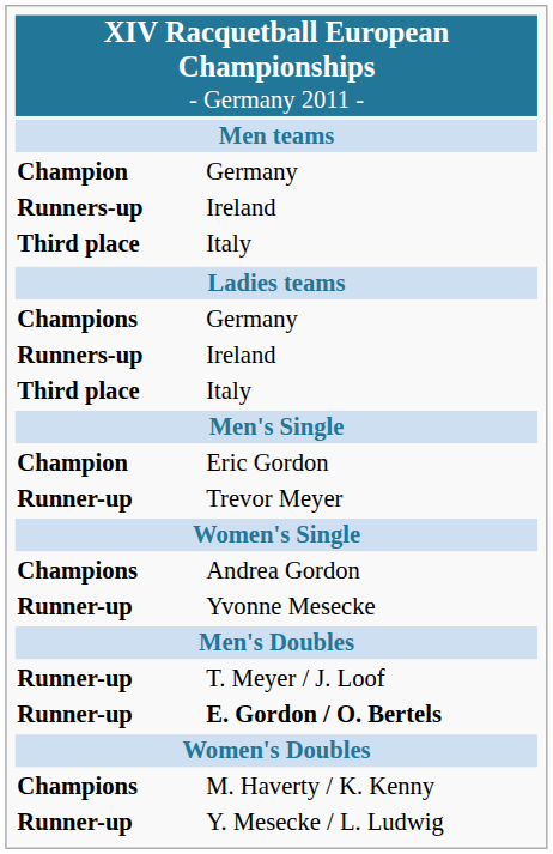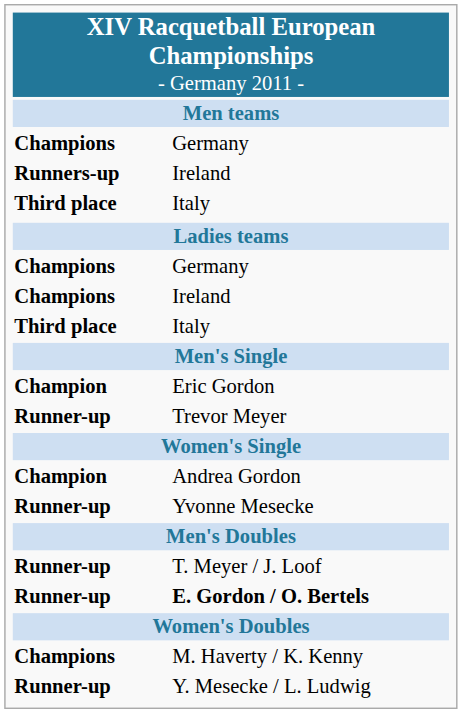 <table class="infobox" style="font-size: 90%; width: 22em;">
 <tr>
 <td colspan="2" style="background: #227799; text-align: center; color:#ffffff;"><big><strong>XIV Racquetball European Championships</strong></big><br>- Germany 2011 -</td>
 </tr>
 <tr style="vertical-align:top;">
 <td colspan="2" style="background: #cedff2; text-align: center; color:#227799;"><strong>Men teams</strong></td>
 </tr>
 <tr style="vertical-align:top;">
-<td><strong>Champion</strong> </td>
+<td><strong>Champions</strong> </td>
 <td> Germany</td>
 </tr>
 <tr>
 <td><strong>Runners-up</strong> </td>
 <td> Ireland</td>
 </tr>
 <tr>
 <td><strong>Third place</strong> </td>
 <td> Italy</td>
 </tr>
 <tr>
 </tr>
 <tr style="vertical-align:top;">
 <td colspan="2" style="background: #cedff2; text-align: center; color:#227799;"><strong>Ladies teams</strong></td>
 </tr>
 <tr style="vertical-align:top;">
 <td><strong>Champions</strong> </td>
 <td> Germany</td>
 </tr>
 <tr>
-<td><strong>Runners-up</strong> </td>
+<td><strong>Champions</strong> </td>
 <td> Ireland</td>
 </tr>
 <tr>
 <td><strong>Third place</strong> </td>
 <td> Italy</td>
 </tr>
 <tr style="vertical-align:top;">
 <td colspan="2" style="background: #cedff2; text-align: center; color:#227799;"><strong>Men's Single</strong></td>
 </tr>
 <tr style="vertical-align:top;">
 <td><strong>Champion</strong> </td>
 <td> Eric Gordon</td>
 </tr>
 <tr>
 <td><strong>Runner-up</strong> </td>
 <td> Trevor Meyer</td>
 </tr>
 <tr style="vertical-align:top;">
 <td colspan="2" style="background: #cedff2; text-align: center; color:#227799;"><strong>Women's Single</strong></td>
 </tr>
 <tr style="vertical-align:top;">
-<td><strong>Champions</strong> </td>
+<td><strong>Champion</strong> </td>
 <td> Andrea Gordon</td>
 </tr>
 <tr>
 <td><strong>Runner-up</strong> </td>
 <td> Yvonne Mesecke</td>
 </tr>
 <tr style="vertical-align:top;">
 <td colspan="2" style="background: #cedff2; text-align: center; color:#227799;"><strong>Men's Doubles</strong></td>
 </tr>
 <tr style="vertical-align:top;">
 <td><strong>Runner-up</strong> </td>
 <td> T. Meyer / J. Loof</td>
 </tr>
 <tr>
 <td><strong>Runner-up</strong> </td>
 <td><strong> E. Gordon / O. Bertels</strong></td>
 </tr>
 <tr style="vertical-align:top;">
 <td colspan="2" style="background: #cedff2; text-align: center; color:#227799;"><strong>Women's Doubles</strong></td>
 </tr>
 <tr style="vertical-align:top;">
 <td><strong>Champions</strong> </td>
 <td> M. Haverty / K. Kenny</td>
 </tr>
 <tr>
 <td><strong>Runner-up</strong> </td>
 <td> Y. Mesecke / L. Ludwig</td>
 </tr>
 </table>
